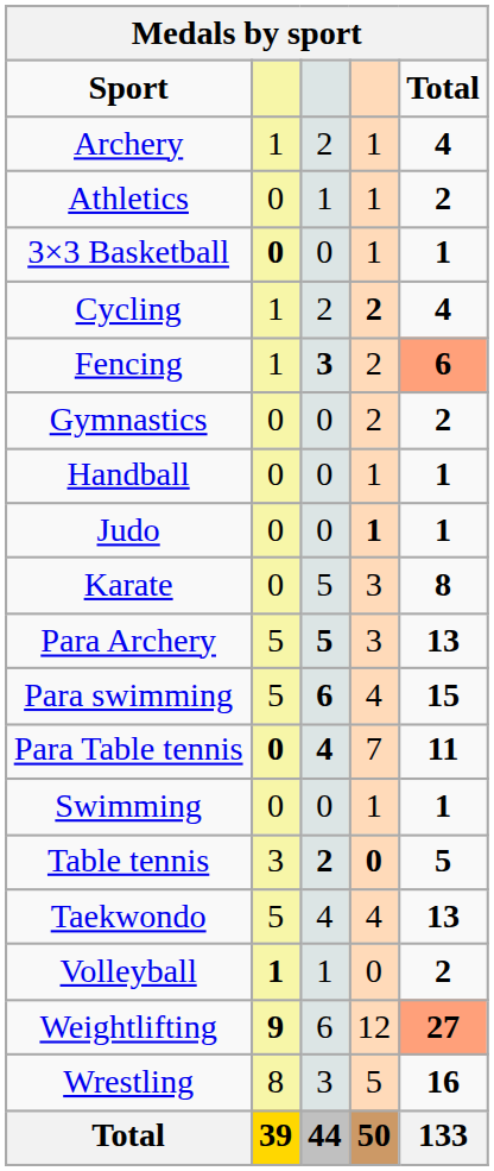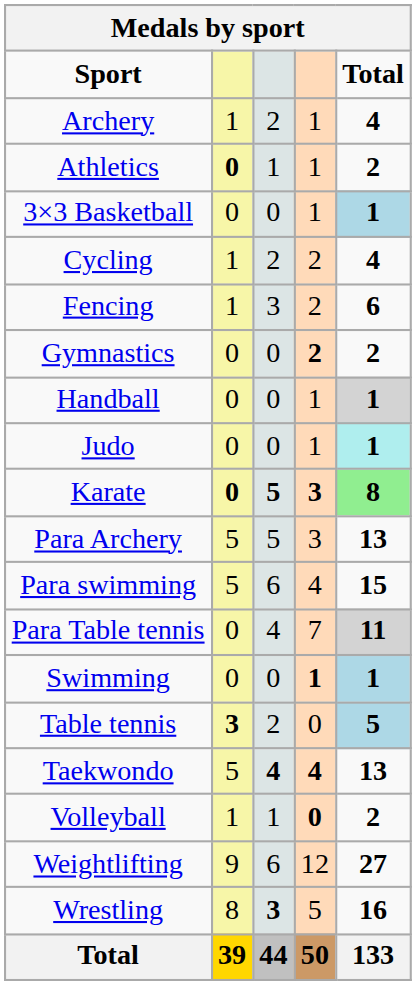 <table class="wikitable" style="font-size:85%">
 <tr style="background:#efefef;">
 <th colspan=7>Medals by sport</th>
 </tr>
 <tr align=center>
 <td><strong>Sport</strong></td>
 <td bgcolor=#f7f6a8></td>
 <td bgcolor=#dce5e5></td>
 <td bgcolor=#ffdab9></td>
 <td><strong>Total</strong></td>
 </tr>
 <tr align=center>
 <td><a href='#'>Archery</a></td>
 <td style="background:#F7F6A8;">1</td>
 <td style="background:#DCE5E5;">2</td>
 <td style="background:#FFDAB9;">1</td>
 <td><strong>4</strong></td>
 </tr>
 <tr align=center>
 <td><a href='#'>Athletics</a></td>
-<td style="background:#F7F6A8;">0</td>
+<td style="background:#F7F6A8;"><strong>0</strong></td>
 <td style="background:#DCE5E5;">1</td>
 <td style="background:#FFDAB9;">1</td>
 <td><strong>2</strong></td>
 </tr>
 <tr align=center>
 <td><a href='#'>3×3 Basketball</a></td>
-<td style="background:#F7F6A8;"><strong>0</strong></td>
+<td style="background:#F7F6A8;">0</td>
 <td style="background:#DCE5E5;">0</td>
 <td style="background:#FFDAB9;">1</td>
-<td><strong>1</strong></td>
+<td style="background: lightblue;"><strong>1</strong></td>
 </tr>
 <tr align=center>
 <td><a href='#'>Cycling</a></td>
 <td style="background:#F7F6A8;">1</td>
 <td style="background:#DCE5E5;">2</td>
-<td style="background:#FFDAB9;"><strong>2</strong></td>
+<td style="background:#FFDAB9;">2</td>
 <td><strong>4</strong></td>
 </tr>
 <tr align=center>
 <td><a href='#'>Fencing</a></td>
 <td style="background:#F7F6A8;">1</td>
-<td style="background:#DCE5E5;"><strong>3</strong></td>
+<td style="background:#DCE5E5;">3</td>
 <td style="background:#FFDAB9;">2</td>
-<td style="background: lightsalmon;"><strong>6</strong></td>
+<td><strong>6</strong></td>
 </tr>
 <tr align=center>
 <td><a href='#'>Gymnastics</a></td>
 <td style="background:#F7F6A8;">0</td>
 <td style="background:#DCE5E5;">0</td>
-<td style="background:#FFDAB9;">2</td>
+<td style="background:#FFDAB9;"><strong>2</strong></td>
 <td><strong>2</strong></td>
 </tr>
 <tr align=center>
 <td><a href='#'>Handball</a></td>
 <td style="background:#F7F6A8;">0</td>
 <td style="background:#DCE5E5;">0</td>
 <td style="background:#FFDAB9;">1</td>
-<td><strong>1</strong></td>
+<td style="background: lightgrey;"><strong>1</strong></td>
 </tr>
 <tr align=center>
 <td><a href='#'>Judo</a></td>
 <td style="background:#F7F6A8;">0</td>
 <td style="background:#DCE5E5;">0</td>
-<td style="background:#FFDAB9;"><strong>1</strong></td>
-<td><strong>1</strong></td>
+<td style="background:#FFDAB9;">1</td>
+<td style="background: paleturquoise;"><strong>1</strong></td>
 </tr>
 <tr align=center>
 <td><a href='#'>Karate</a></td>
-<td style="background:#F7F6A8;">0</td>
-<td style="background:#DCE5E5;">5</td>
-<td style="background:#FFDAB9;">3</td>
-<td><strong>8</strong></td>
+<td style="background:#F7F6A8;"><strong>0</strong></td>
+<td style="background:#DCE5E5;"><strong>5</strong></td>
+<td style="background:#FFDAB9;"><strong>3</strong></td>
+<td style="background: lightgreen;"><strong>8</strong></td>
 </tr>
 <tr align=center>
 <td><a href='#'>Para Archery</a></td>
 <td style="background:#F7F6A8;">5</td>
-<td style="background:#DCE5E5;"><strong>5</strong></td>
+<td style="background:#DCE5E5;">5</td>
 <td style="background:#FFDAB9;">3</td>
 <td><strong>13</strong></td>
 </tr>
 <tr align=center>
 <td><a href='#'>Para swimming</a></td>
 <td style="background:#F7F6A8;">5</td>
-<td style="background:#DCE5E5;"><strong>6</strong></td>
+<td style="background:#DCE5E5;">6</td>
 <td style="background:#FFDAB9;">4</td>
 <td><strong>15</strong></td>
 </tr>
 <tr align=center>
 <td><a href='#'>Para Table tennis</a></td>
-<td style="background:#F7F6A8;"><strong>0</strong></td>
-<td style="background:#DCE5E5;"><strong>4</strong></td>
+<td style="background:#F7F6A8;">0</td>
+<td style="background:#DCE5E5;">4</td>
 <td style="background:#FFDAB9;">7</td>
-<td><strong>11</strong></td>
+<td style="background: lightgrey;"><strong>11</strong></td>
 </tr>
 <tr align=center>
 <td><a href='#'>Swimming</a></td>
 <td style="background:#F7F6A8;">0</td>
 <td style="background:#DCE5E5;">0</td>
-<td style="background:#FFDAB9;">1</td>
-<td><strong>1</strong></td>
+<td style="background:#FFDAB9;"><strong>1</strong></td>
+<td style="background: lightblue;"><strong>1</strong></td>
 </tr>
 <tr align=center>
 <td><a href='#'>Table tennis</a></td>
-<td style="background:#F7F6A8;">3</td>
-<td style="background:#DCE5E5;"><strong>2</strong></td>
-<td style="background:#FFDAB9;"><strong>0</strong></td>
-<td><strong>5</strong></td>
+<td style="background:#F7F6A8;"><strong>3</strong></td>
+<td style="background:#DCE5E5;">2</td>
+<td style="background:#FFDAB9;">0</td>
+<td style="background: lightblue;"><strong>5</strong></td>
 </tr>
 <tr align=center>
 <td><a href='#'>Taekwondo</a></td>
 <td style="background:#F7F6A8;">5</td>
-<td style="background:#DCE5E5;">4</td>
-<td style="background:#FFDAB9;">4</td>
+<td style="background:#DCE5E5;"><strong>4</strong></td>
+<td style="background:#FFDAB9;"><strong>4</strong></td>
 <td><strong>13</strong></td>
 </tr>
 <tr align=center>
 <td><a href='#'>Volleyball</a></td>
-<td style="background:#F7F6A8;"><strong>1</strong></td>
+<td style="background:#F7F6A8;">1</td>
 <td style="background:#DCE5E5;">1</td>
-<td style="background:#FFDAB9;">0</td>
+<td style="background:#FFDAB9;"><strong>0</strong></td>
 <td><strong>2</strong></td>
 </tr>
 <tr align=center>
 <td><a href='#'>Weightlifting</a></td>
-<td style="background:#F7F6A8;"><strong>9</strong></td>
+<td style="background:#F7F6A8;">9</td>
 <td style="background:#DCE5E5;">6</td>
 <td style="background:#FFDAB9;">12</td>
-<td style="background: lightsalmon;"><strong>27</strong></td>
+<td><strong>27</strong></td>
 </tr>
 <tr align=center>
 <td><a href='#'>Wrestling</a></td>
 <td style="background:#F7F6A8;">8</td>
-<td style="background:#DCE5E5;">3</td>
+<td style="background:#DCE5E5;"><strong>3</strong></td>
 <td style="background:#FFDAB9;">5</td>
 <td><strong>16</strong></td>
 </tr>
 <tr align=center>
 <th>Total</th>
 <th style="background:gold;">39</th>
 <th style="background:silver;">44</th>
 <th style="background:#c96;">50</th>
 <th>133</th>
 </tr>
 </table>
